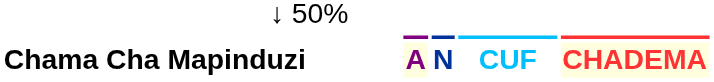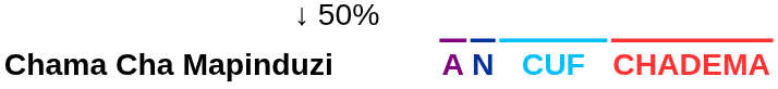 <table width=73%>
 <tr>
 <td colspan=6 align=center>↓ 50%</td>
 </tr>
 <tr>
 <td bgcolor=></td>
 <td bgcolor=purple width=0.39% style="color:white;"></td>
 <td bgcolor=#039 width=0.39% style="color:white;"></td>
 <td bgcolor=#00BFFF width=12.5% style="color:white;"></td>
 <td bgcolor=#F33 width=13.28% style="color:white;"></td>
 </tr>
 <tr>
 <td style="text-align:center; color:"><strong>Chama Cha Mapinduzi</strong></td>
-<td style="background: lightyellow; text-align:center; color:purple;"><strong>A</strong></td>
+<td style="text-align:center; color:purple;"><strong>A</strong></td>
 <td style="text-align:center; color:#039;"><strong>N</strong></td>
 <td style="text-align:center; color:#00BFFF;"><strong>CUF</strong></td>
-<td style="background: lightyellow; text-align:center; color:#F33;"><strong>CHADEMA</strong></td>
+<td style="text-align:center; color:#F33;"><strong>CHADEMA</strong></td>
 </tr>
 </table>
